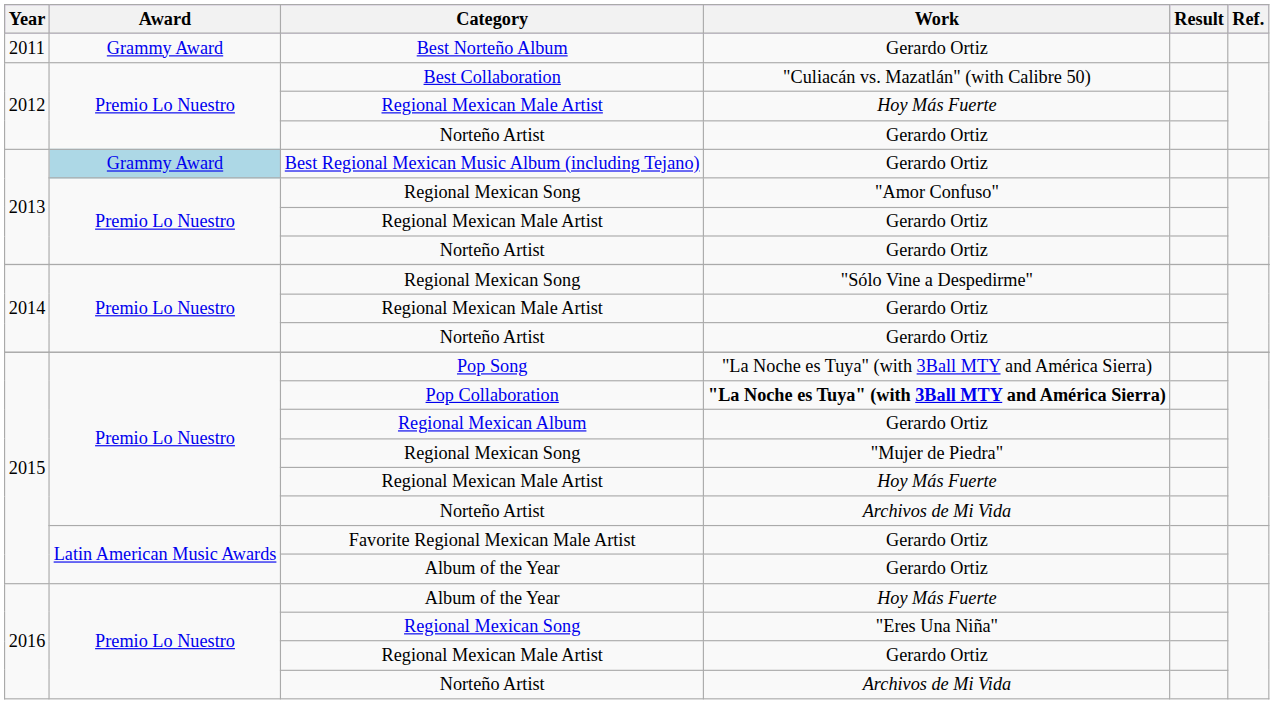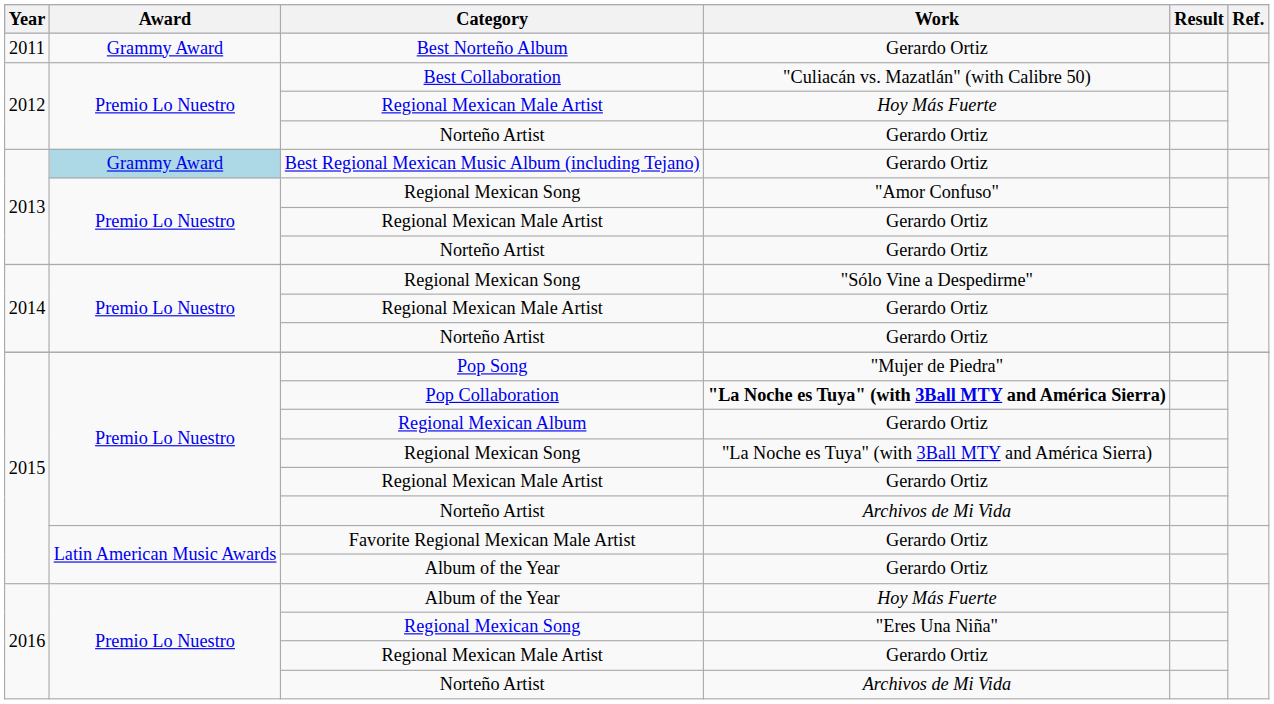 <table class="wikitable plainrowheaders" style="text-align:center;">
 <tr style="background:#96c;">
 <th scope="col">Year</th>
 <th scope="col">Award</th>
 <th scope="col">Category</th>
 <th scope="col">Work</th>
 <th scope="col">Result</th>
 <th scope="col">Ref.</th>
 </tr>
 <tr>
 <td>2011</td>
 <td rowspan="1" scope="row"><a href='#'>Grammy Award</a></td>
 <td><a href='#'>Best Norteño Album</a></td>
 <td>Gerardo Ortiz</td>
 <td></td>
 <td></td>
 </tr>
 <tr>
 <td rowspan="3" scope="row">2012</td>
 <td rowspan="3" scope="row"><a href='#'>Premio Lo Nuestro</a></td>
 <td><a href='#'>Best Collaboration</a></td>
 <td>"Culiacán vs. Mazatlán" (with Calibre 50)</td>
 <td></td>
 <td rowspan="3" scope="row"></td>
 </tr>
 <tr>
 <td><a href='#'>Regional Mexican Male Artist</a></td>
 <td><em>Hoy Más Fuerte</em></td>
 <td></td>
 </tr>
 <tr>
 <td>Norteño Artist</td>
 <td>Gerardo Ortiz</td>
 <td></td>
 </tr>
 <tr>
 <td rowspan="4" scope="row">2013</td>
 <td rowspan="1" scope="row" style="background: lightblue;"><a href='#'>Grammy Award</a></td>
 <td><a href='#'>Best Regional Mexican Music Album (including Tejano)</a></td>
 <td>Gerardo Ortiz</td>
 <td></td>
 <td></td>
 </tr>
 <tr>
 <td rowspan="3" scope="row"><a href='#'>Premio Lo Nuestro</a></td>
 <td>Regional Mexican Song</td>
 <td>"Amor Confuso"</td>
 <td></td>
 <td rowspan="3" scope="row"></td>
 </tr>
 <tr>
 <td>Regional Mexican Male Artist</td>
 <td>Gerardo Ortiz</td>
 <td></td>
 </tr>
 <tr>
 <td>Norteño Artist</td>
 <td>Gerardo Ortiz</td>
 <td></td>
 </tr>
 <tr>
 </tr>
 <tr>
 <td rowspan="3" scope="row">2014</td>
 <td rowspan="3" scope="row"><a href='#'>Premio Lo Nuestro</a></td>
 <td>Regional Mexican Song</td>
 <td>"Sólo Vine a Despedirme"</td>
 <td></td>
 <td rowspan="3" scope="row"></td>
 </tr>
 <tr>
 <td>Regional Mexican Male Artist</td>
 <td>Gerardo Ortiz</td>
 <td></td>
 </tr>
 <tr>
 <td>Norteño Artist</td>
 <td>Gerardo Ortiz</td>
 <td></td>
 </tr>
 <tr>
 </tr>
 <tr>
 <td rowspan="8" scope="row">2015</td>
 <td rowspan="6" scope="row"><a href='#'>Premio Lo Nuestro</a></td>
 <td><a href='#'>Pop Song</a></td>
-<td>"La Noche es Tuya" (with <a href='#'>3Ball MTY</a> and América Sierra)</td>
+<td>"Mujer de Piedra"</td>
 <td></td>
 <td rowspan="6" scope="row"></td>
 </tr>
 <tr>
 <td><a href='#'>Pop Collaboration</a></td>
 <td><strong>"La Noche es Tuya" (with <a href='#'>3Ball MTY</a> and América Sierra)</strong></td>
 <td></td>
 </tr>
 <tr>
 <td><a href='#'>Regional Mexican Album</a></td>
 <td>Gerardo Ortiz</td>
 <td></td>
 </tr>
 <tr>
 <td>Regional Mexican Song</td>
-<td>"Mujer de Piedra"</td>
+<td>"La Noche es Tuya" (with <a href='#'>3Ball MTY</a> and América Sierra)</td>
 <td></td>
 </tr>
 <tr>
 <td>Regional Mexican Male Artist</td>
-<td><em>Hoy Más Fuerte</em></td>
+<td>Gerardo Ortiz</td>
 <td></td>
 </tr>
 <tr>
 <td>Norteño Artist</td>
 <td><em>Archivos de Mi Vida</em></td>
 <td></td>
 </tr>
 <tr>
 <td rowspan="2" scope="row"><a href='#'>Latin American Music Awards</a></td>
 <td>Favorite Regional Mexican Male Artist</td>
 <td>Gerardo Ortiz</td>
 <td></td>
 <td rowspan="2" scope="row"></td>
 </tr>
 <tr>
 <td>Album of the Year</td>
 <td>Gerardo Ortiz</td>
 <td></td>
 </tr>
 <tr>
 <td rowspan="4" scope="row">2016</td>
 <td rowspan="4" scope="row"><a href='#'>Premio Lo Nuestro</a></td>
 <td>Album of the Year</td>
 <td><em>Hoy Más Fuerte</em></td>
 <td></td>
 <td rowspan="4" scope="row"></td>
 </tr>
 <tr>
 <td><a href='#'>Regional Mexican Song</a></td>
 <td>"Eres Una Niña"</td>
 <td></td>
 </tr>
 <tr>
 <td>Regional Mexican Male Artist</td>
 <td>Gerardo Ortiz</td>
 <td></td>
 </tr>
 <tr>
 <td>Norteño Artist</td>
 <td><em>Archivos de Mi Vida</em></td>
 <td></td>
 </tr>
 </table>
